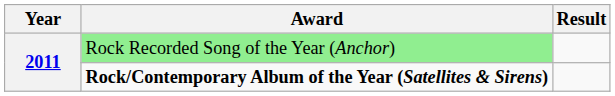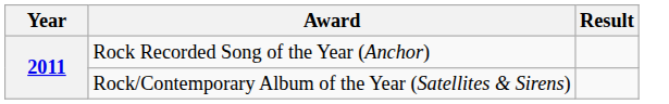 <table class="wikitable">
 <tr>
 <th style="width:60px;">Year</th>
 <th>Award</th>
 <th>Result</th>
 </tr>
 <tr>
 <th rowspan="2"><a href='#'>2011</a></th>
-<td style="background: lightgreen;">Rock Recorded Song of the Year (<em>Anchor</em>)</td>
+<td>Rock Recorded Song of the Year (<em>Anchor</em>)</td>
 <td></td>
 </tr>
 <tr>
-<td><strong>Rock/Contemporary Album of the Year (<em>Satellites & Sirens</em>)</strong></td>
+<td>Rock/Contemporary Album of the Year (<em>Satellites & Sirens</em>)</td>
 <td></td>
 </tr>
 </table>
